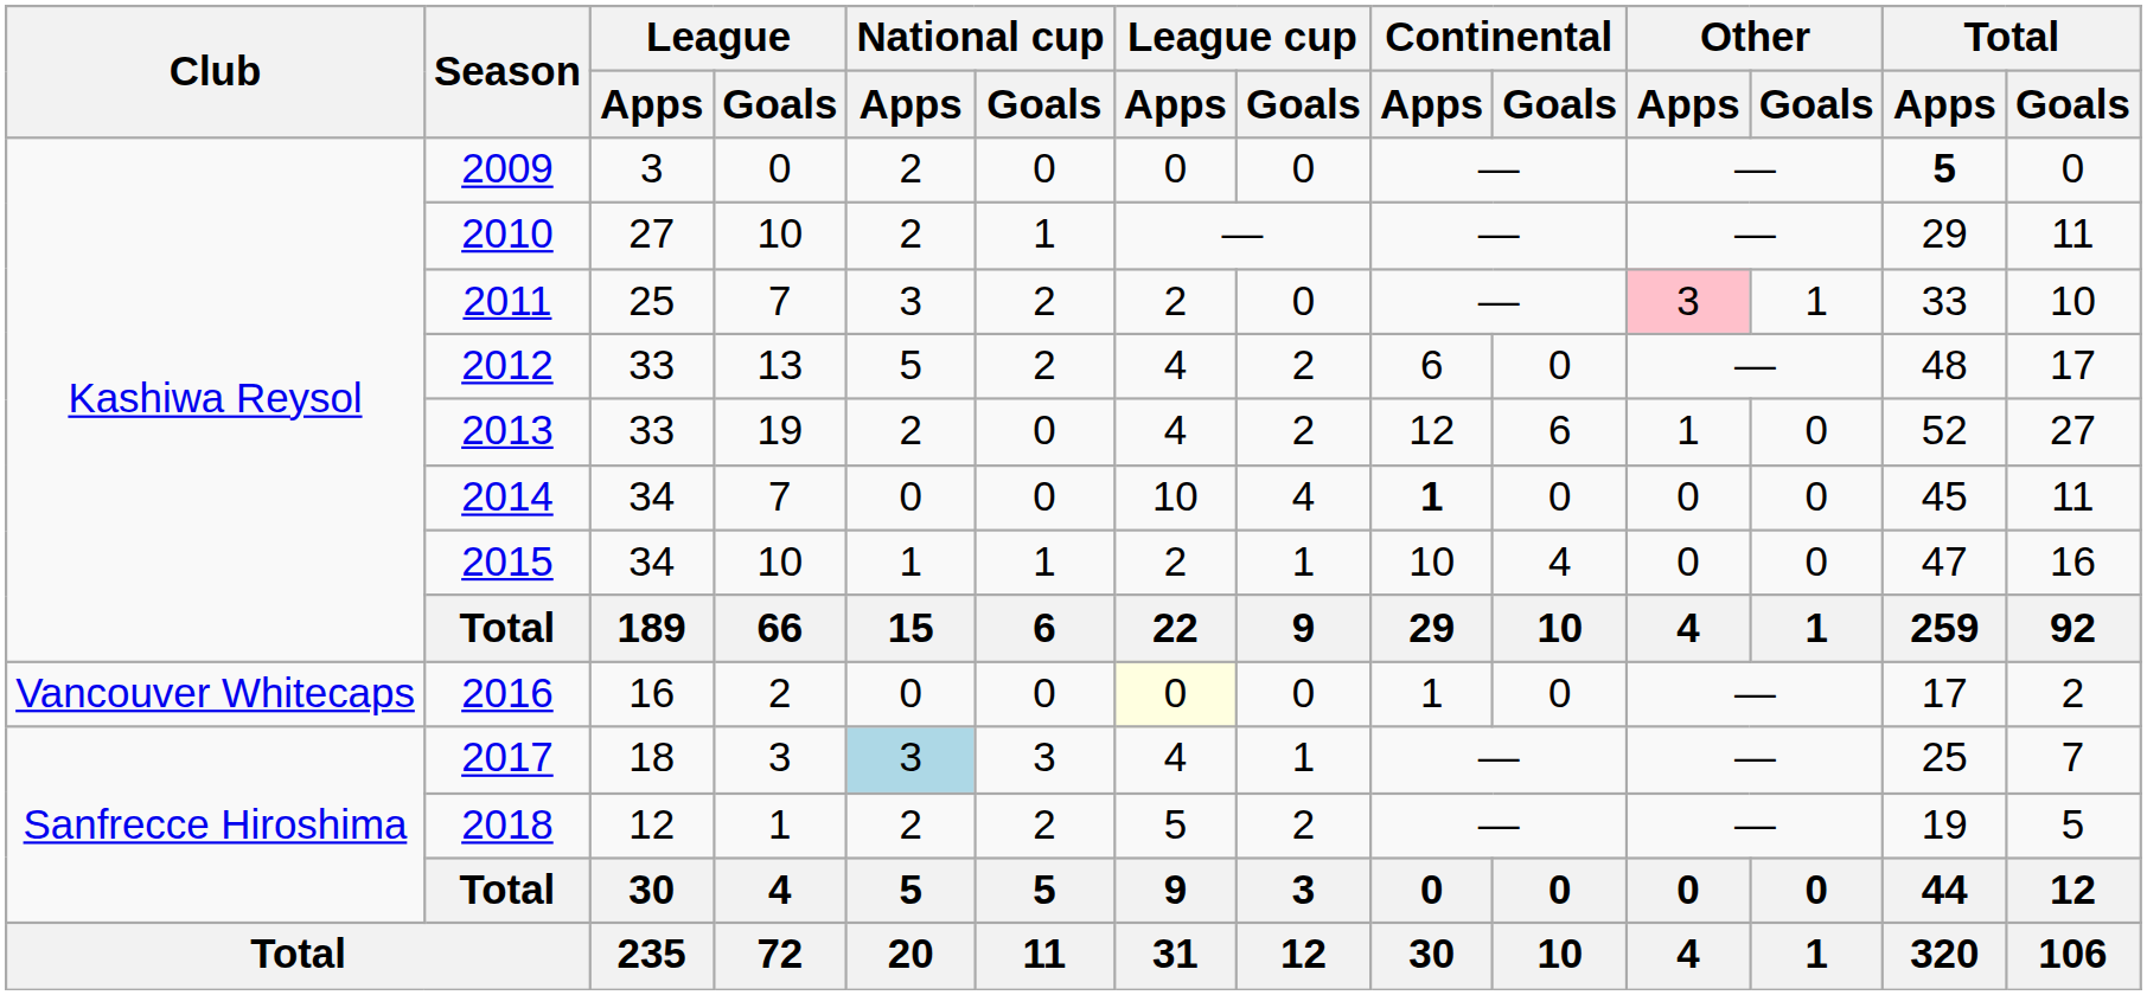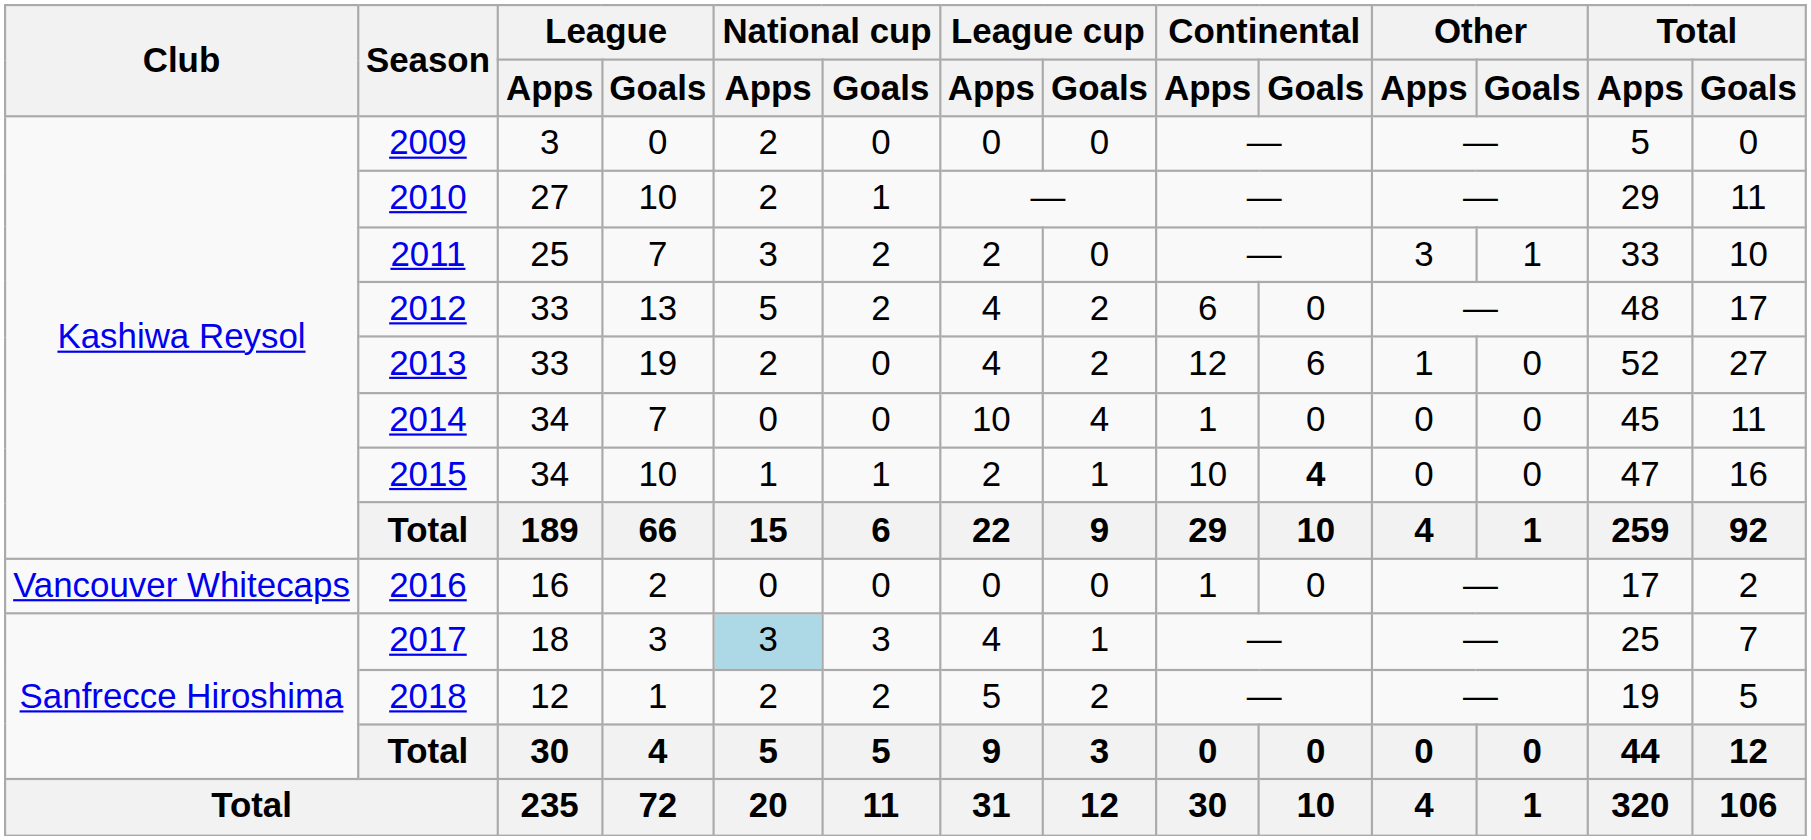 <table class="wikitable" style="text-align:center">
 <tr>
 <th rowspan="2">Club</th>
 <th rowspan="2">Season</th>
 <th colspan="2">League</th>
 <th colspan="2">National cup</th>
 <th colspan="2">League cup</th>
 <th colspan="2">Continental</th>
 <th colspan="2">Other</th>
 <th colspan="2">Total</th>
 </tr>
 <tr>
 <th>Apps</th>
 <th>Goals</th>
 <th>Apps</th>
 <th>Goals</th>
 <th>Apps</th>
 <th>Goals</th>
 <th>Apps</th>
 <th>Goals</th>
 <th>Apps</th>
 <th>Goals</th>
 <th>Apps</th>
 <th>Goals</th>
 </tr>
 <tr>
 <td rowspan="8"><a href='#'>Kashiwa Reysol</a></td>
 <td><a href='#'>2009</a></td>
 <td>3</td>
 <td>0</td>
 <td>2</td>
 <td>0</td>
 <td>0</td>
 <td>0</td>
 <td colspan="2">—</td>
 <td colspan="2">—</td>
-<td><strong>5</strong></td>
+<td>5</td>
 <td>0</td>
 </tr>
 <tr>
 <td><a href='#'>2010</a></td>
 <td>27</td>
 <td>10</td>
 <td>2</td>
 <td>1</td>
 <td colspan="2">—</td>
 <td colspan="2">—</td>
 <td colspan="2">—</td>
 <td>29</td>
 <td>11</td>
 </tr>
 <tr>
 <td><a href='#'>2011</a></td>
 <td>25</td>
 <td>7</td>
 <td>3</td>
 <td>2</td>
 <td>2</td>
 <td>0</td>
 <td colspan="2">—</td>
-<td style="background: pink;">3</td>
+<td>3</td>
 <td>1</td>
 <td>33</td>
 <td>10</td>
 </tr>
 <tr>
 <td><a href='#'>2012</a></td>
 <td>33</td>
 <td>13</td>
 <td>5</td>
 <td>2</td>
 <td>4</td>
 <td>2</td>
 <td>6</td>
 <td>0</td>
 <td colspan="2">—</td>
 <td>48</td>
 <td>17</td>
 </tr>
 <tr>
 <td><a href='#'>2013</a></td>
 <td>33</td>
 <td>19</td>
 <td>2</td>
 <td>0</td>
 <td>4</td>
 <td>2</td>
 <td>12</td>
 <td>6</td>
 <td>1</td>
 <td>0</td>
 <td>52</td>
 <td>27</td>
 </tr>
 <tr>
 <td><a href='#'>2014</a></td>
 <td>34</td>
 <td>7</td>
 <td>0</td>
 <td>0</td>
 <td>10</td>
 <td>4</td>
-<td><strong>1</strong></td>
+<td>1</td>
 <td>0</td>
 <td>0</td>
 <td>0</td>
 <td>45</td>
 <td>11</td>
 </tr>
 <tr>
 <td><a href='#'>2015</a></td>
 <td>34</td>
 <td>10</td>
 <td>1</td>
 <td>1</td>
 <td>2</td>
 <td>1</td>
 <td>10</td>
-<td>4</td>
+<td><strong>4</strong></td>
 <td>0</td>
 <td>0</td>
 <td>47</td>
 <td>16</td>
 </tr>
 <tr>
 <th>Total</th>
 <th>189</th>
 <th>66</th>
 <th>15</th>
 <th>6</th>
 <th>22</th>
 <th>9</th>
 <th>29</th>
 <th>10</th>
 <th>4</th>
 <th>1</th>
 <th>259</th>
 <th>92</th>
 </tr>
 <tr>
 <td><a href='#'>Vancouver Whitecaps</a></td>
 <td><a href='#'>2016</a></td>
 <td>16</td>
 <td>2</td>
 <td>0</td>
 <td>0</td>
-<td style="background: lightyellow;">0</td>
+<td>0</td>
 <td>0</td>
 <td>1</td>
 <td>0</td>
 <td colspan="2">—</td>
 <td>17</td>
 <td>2</td>
 </tr>
 <tr>
 <td rowspan="3"><a href='#'>Sanfrecce Hiroshima</a></td>
 <td><a href='#'>2017</a></td>
 <td>18</td>
 <td>3</td>
 <td style="background: lightblue;">3</td>
 <td>3</td>
 <td>4</td>
 <td>1</td>
 <td colspan="2">—</td>
 <td colspan="2">—</td>
 <td>25</td>
 <td>7</td>
 </tr>
 <tr>
 <td><a href='#'>2018</a></td>
 <td>12</td>
 <td>1</td>
 <td>2</td>
 <td>2</td>
 <td>5</td>
 <td>2</td>
 <td colspan="2">—</td>
 <td colspan="2">—</td>
 <td>19</td>
 <td>5</td>
 </tr>
 <tr>
 <th>Total</th>
 <th>30</th>
 <th>4</th>
 <th>5</th>
 <th>5</th>
 <th>9</th>
 <th>3</th>
 <th>0</th>
 <th>0</th>
 <th>0</th>
 <th>0</th>
 <th>44</th>
 <th>12</th>
 </tr>
 <tr>
 <th colspan="2">Total</th>
 <th>235</th>
 <th>72</th>
 <th>20</th>
 <th>11</th>
 <th>31</th>
 <th>12</th>
 <th>30</th>
 <th>10</th>
 <th>4</th>
 <th>1</th>
 <th>320</th>
 <th>106</th>
 </tr>
 </table>
